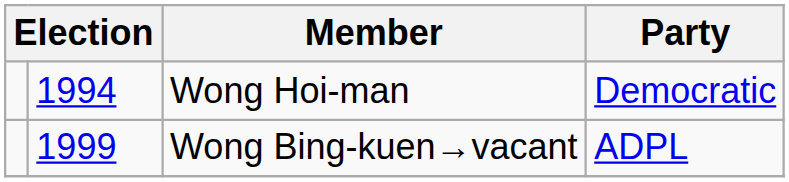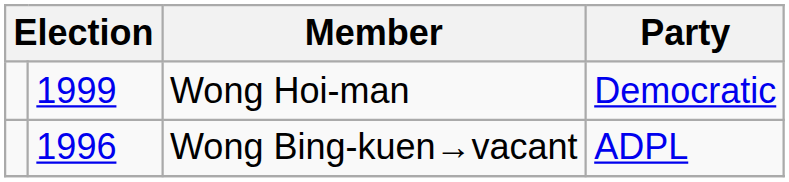 <table class="wikitable">
 <tr>
 <th colspan="2">Election</th>
 <th>Member</th>
 <th>Party</th>
 </tr>
 <tr>
 <td style="background-color: "></td>
-<td><a href='#'>1994</a></td>
+<td><a href='#'>1999</a></td>
 <td>Wong Hoi-man</td>
 <td><a href='#'>Democratic</a></td>
 </tr>
 <tr>
 <td style="background-color: "></td>
-<td><a href='#'>1999</a></td>
+<td><a href='#'>1996</a></td>
 <td>Wong Bing-kuen→vacant</td>
 <td><a href='#'>ADPL</a></td>
 </tr>
 <tr>
 </tr>
 </table>
